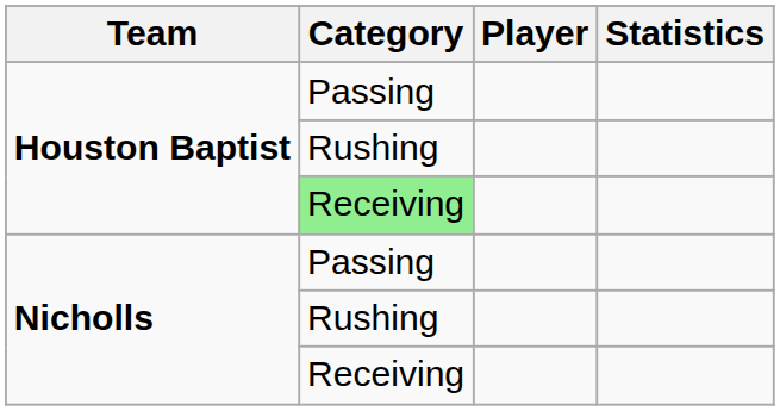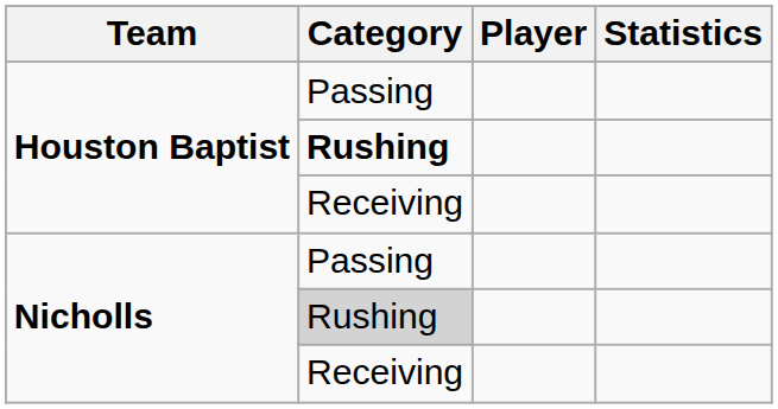 <table class="wikitable" style="float: left;">
 <tr>
 <th>Team</th>
 <th>Category</th>
 <th>Player</th>
 <th>Statistics</th>
 </tr>
 <tr>
 <td rowspan=3><strong>Houston Baptist</strong></td>
 <td>Passing</td>
 <td> </td>
 <td> </td>
 </tr>
 <tr>
-<td>Rushing</td>
+<td><strong>Rushing</strong></td>
 <td> </td>
 <td> </td>
 </tr>
 <tr>
-<td style="background: lightgreen;">Receiving</td>
+<td>Receiving</td>
 <td> </td>
 <td> </td>
 </tr>
 <tr>
 <td rowspan=3><strong>Nicholls</strong></td>
 <td>Passing</td>
 <td> </td>
 <td> </td>
 </tr>
 <tr>
-<td>Rushing</td>
+<td style="background: lightgrey;">Rushing</td>
 <td> </td>
 <td> </td>
 </tr>
 <tr>
 <td>Receiving</td>
 <td> </td>
 <td> </td>
 </tr>
 </table>
